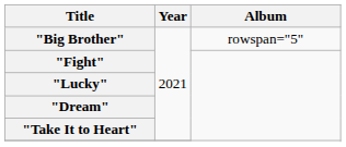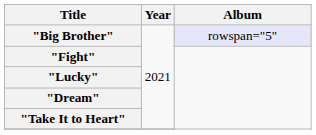 <table class="wikitable plainrowheaders" style="text-align:center;">
 <tr>
 <th scope="col" style="width:10em;">Title</th>
 <th scope="col">Year</th>
 <th scope="col" style="width:10em;">Album</th>
 </tr>
 <tr>
 <th scope="row">"Big Brother"</th>
 <td rowspan="5">2021</td>
-<td>rowspan="5" </td>
+<td style="background: lavender;">rowspan="5" </td>
 </tr>
 <tr>
 <th scope="row">"Fight"</th>
 </tr>
 <tr>
 <th scope="row">"Lucky"</th>
 </tr>
 <tr>
 <th scope="row">"Dream"</th>
 </tr>
 <tr>
 <th scope="row">"Take It to Heart"</th>
 </tr>
 <tr>
 </tr>
 </table>
